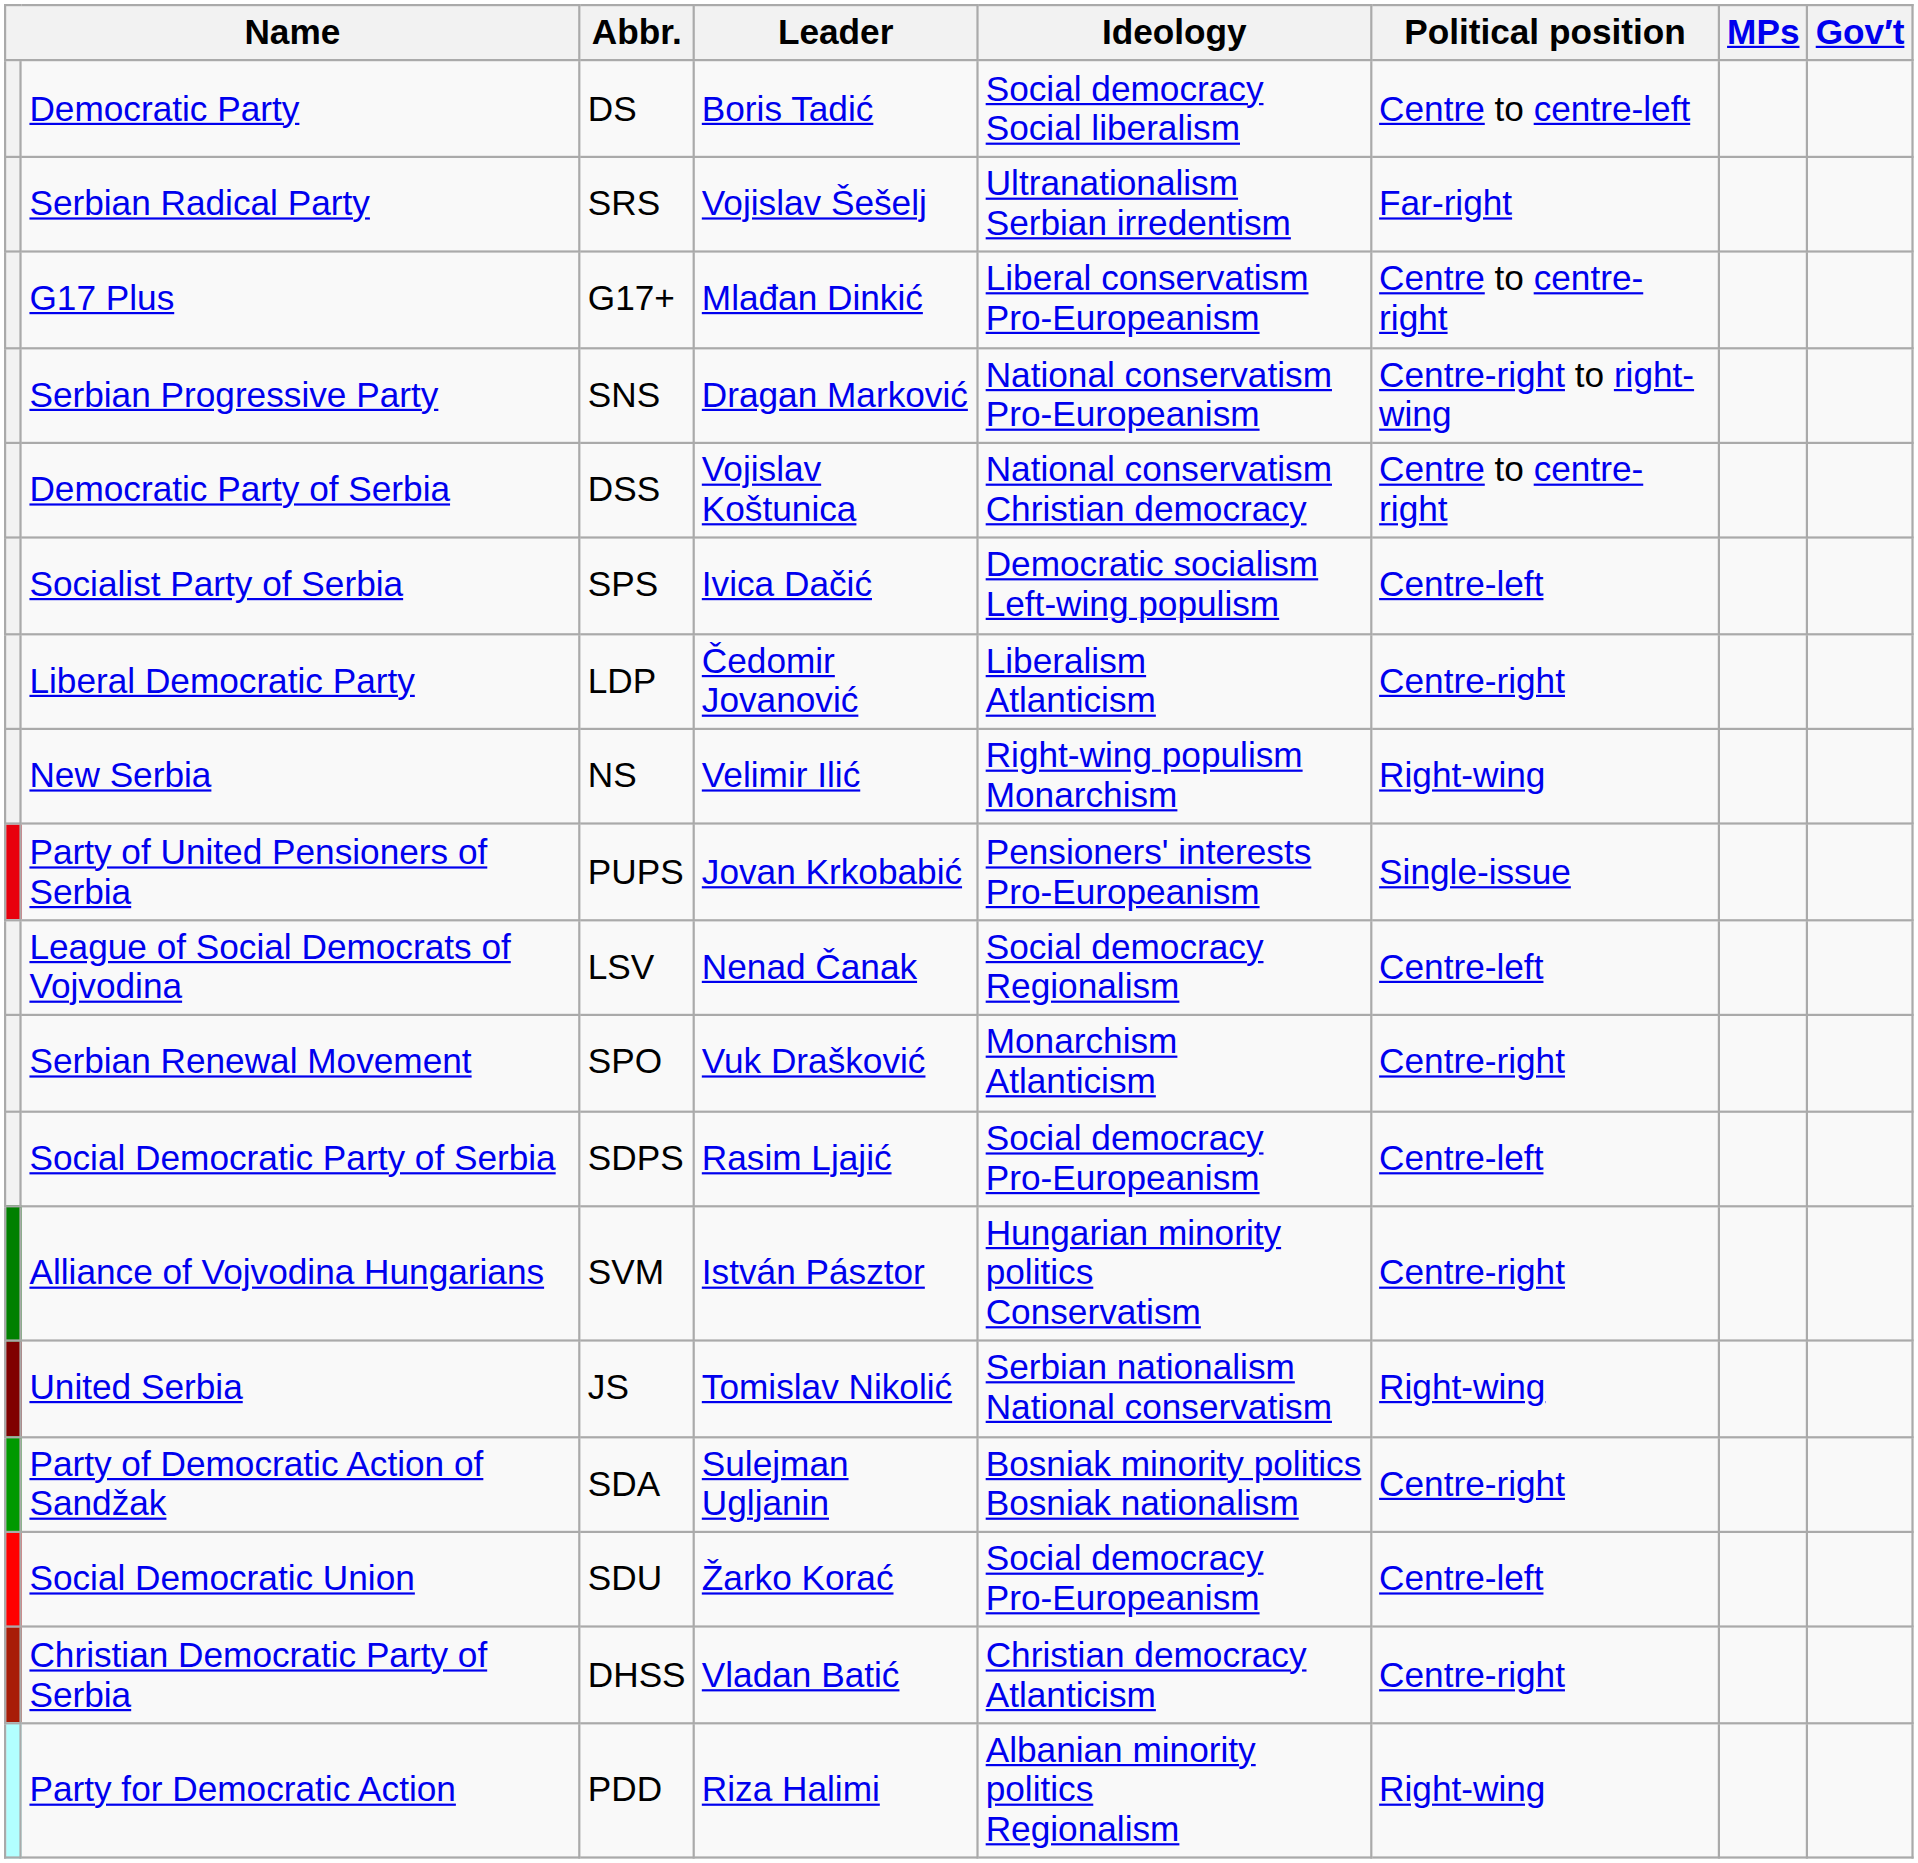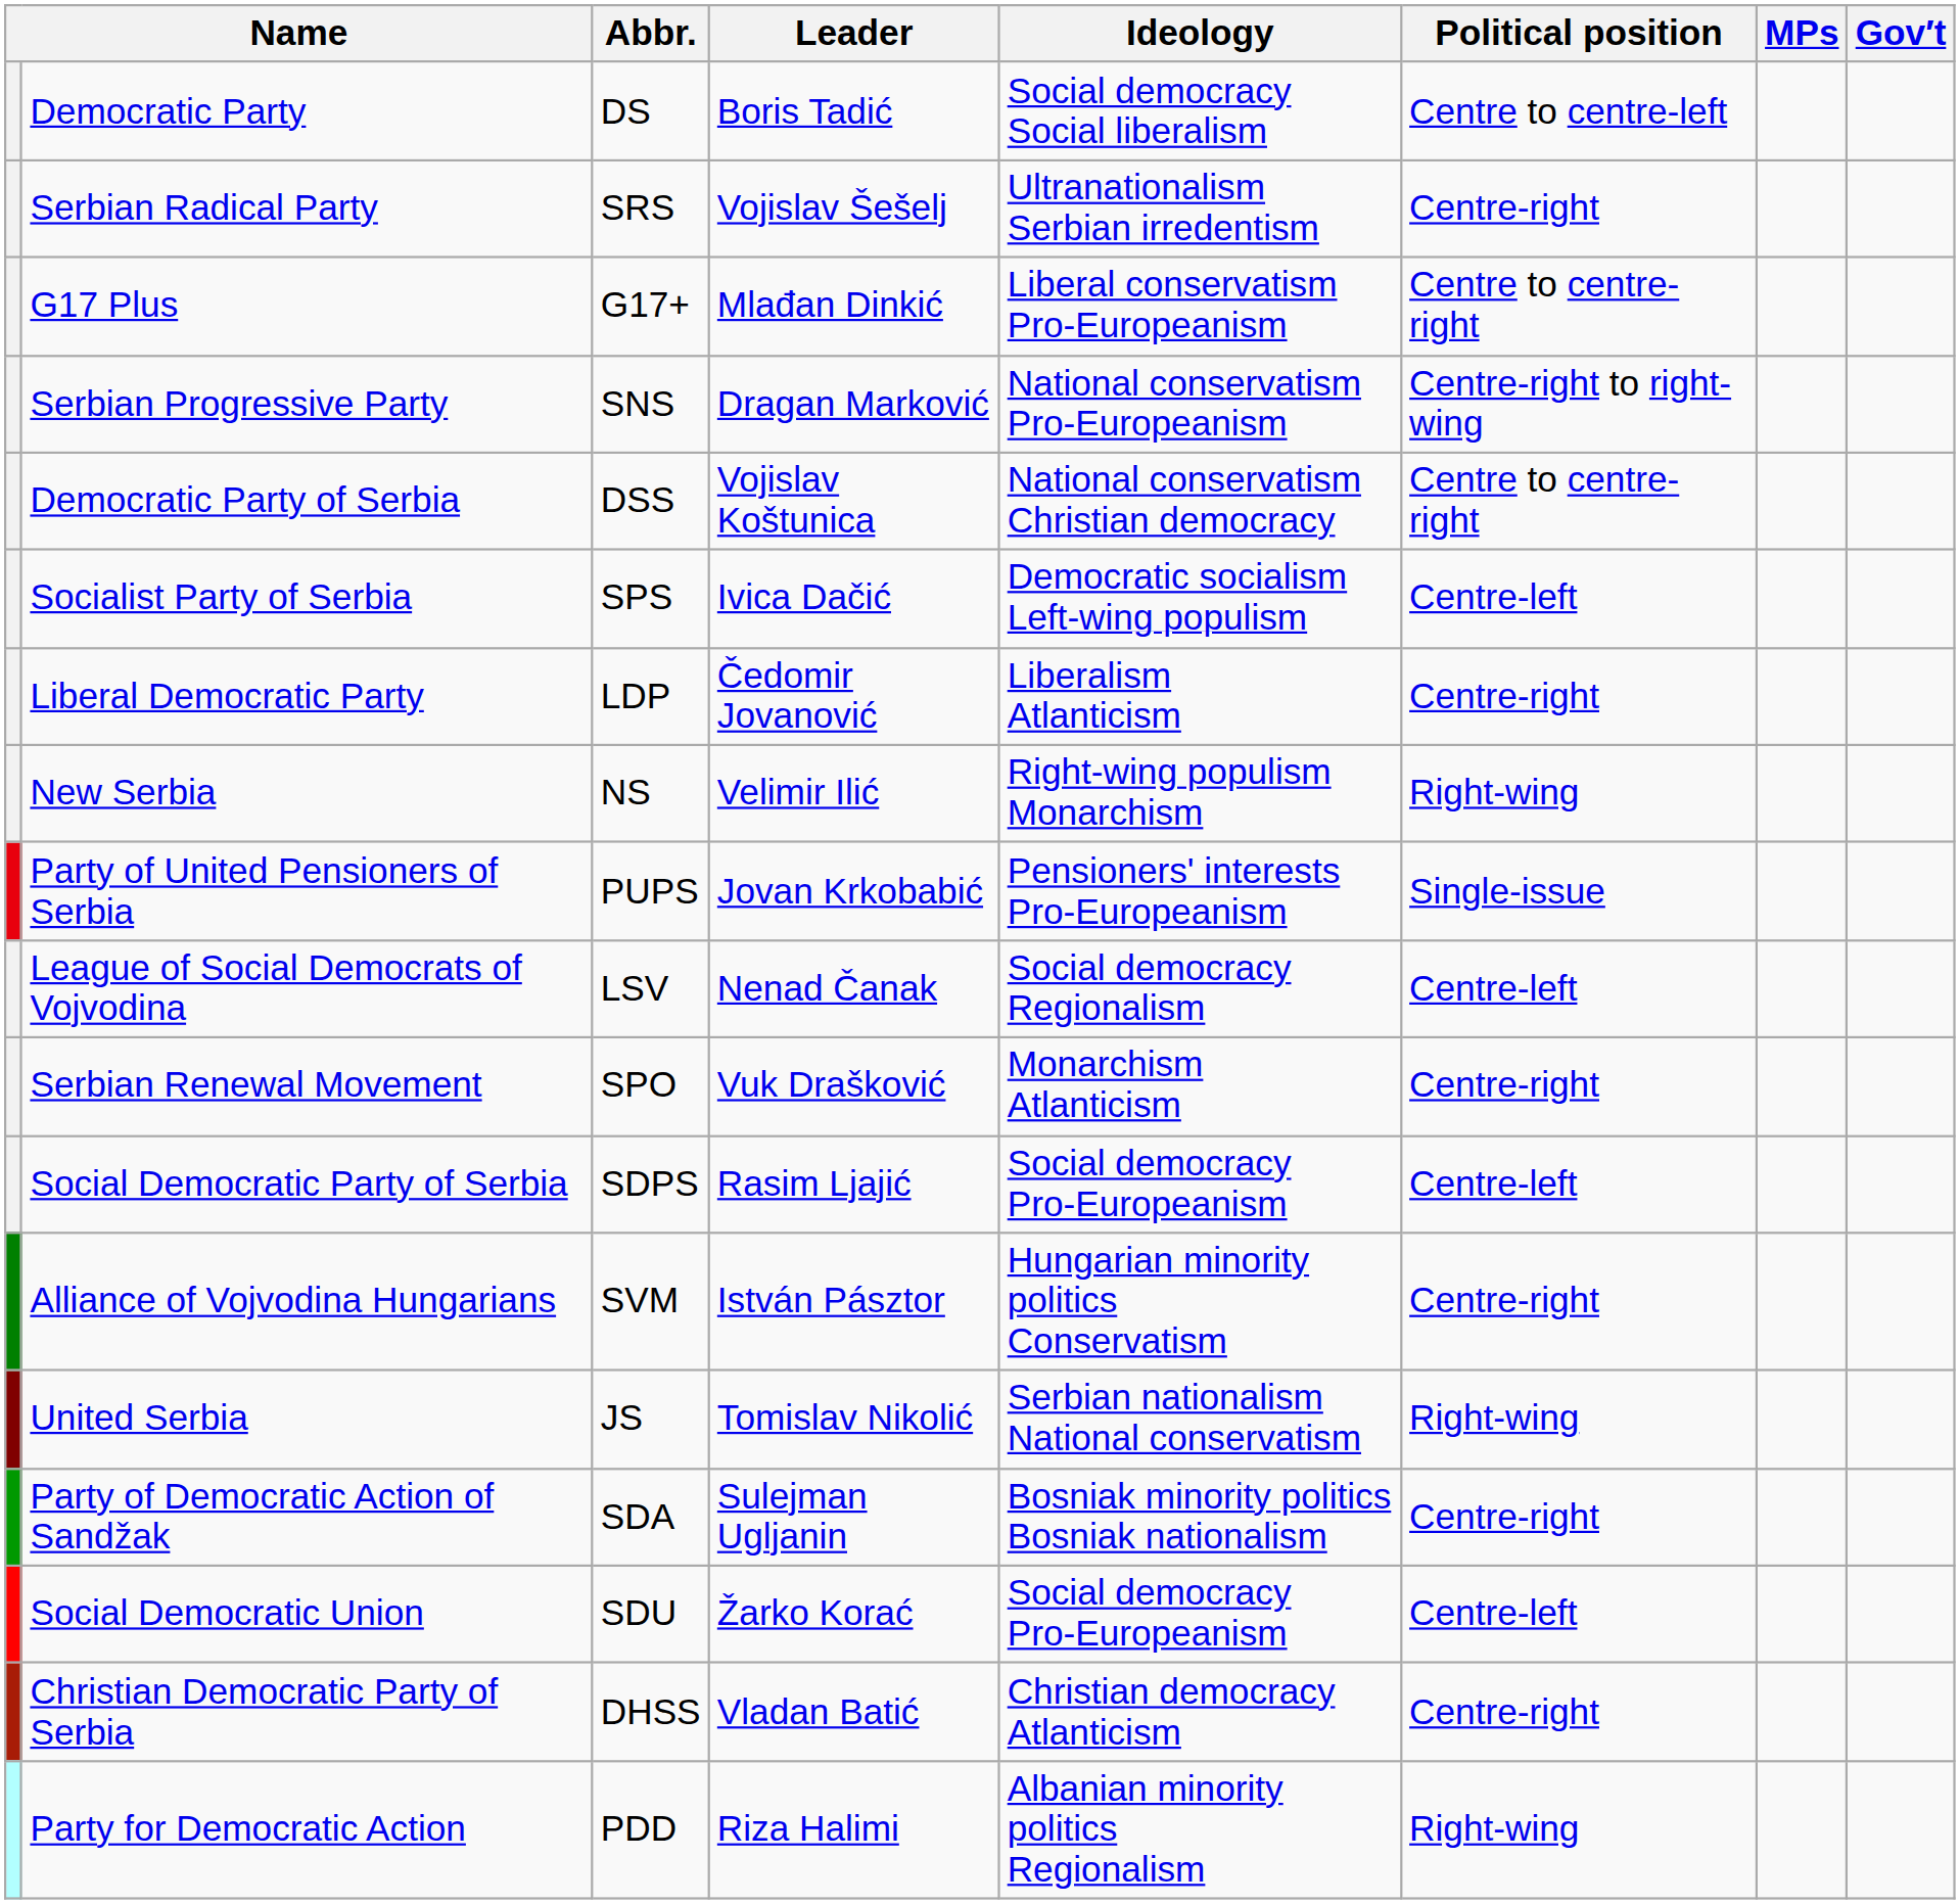 <table class="wikitable">
 <tr>
 <th colspan=2>Name</th>
 <th>Abbr.</th>
 <th>Leader</th>
 <th>Ideology</th>
 <th>Political position</th>
 <th><a href='#'>MPs</a></th>
 <th><a href='#'>Gov′t</a></th>
 </tr>
 <tr>
 <th style="background-color: "></th>
 <td><a href='#'>Democratic Party</a><br><small><em></em></small></td>
 <td>DS</td>
 <td><a href='#'>Boris Tadić</a></td>
 <td><a href='#'>Social democracy</a><br><a href='#'>Social liberalism</a></td>
 <td><a href='#'>Centre</a> to <a href='#'>centre-left</a></td>
 <td></td>
 <td></td>
 </tr>
 <tr>
 <th style="background-color: "></th>
 <td><a href='#'>Serbian Radical Party</a><br><small><em></em></small></td>
 <td>SRS</td>
 <td><a href='#'>Vojislav Šešelj</a></td>
 <td><a href='#'>Ultranationalism</a><br><a href='#'>Serbian irredentism</a></td>
-<td><a href='#'>Far-right</a></td>
+<td><a href='#'>Centre-right</a></td>
 <td></td>
 <td></td>
 </tr>
 <tr>
 <th style="background-color: "></th>
 <td><a href='#'>G17 Plus</a><br><small><em></em></small></td>
 <td>G17+</td>
 <td><a href='#'>Mlađan Dinkić</a></td>
 <td><a href='#'>Liberal conservatism</a><br><a href='#'>Pro-Europeanism</a></td>
 <td><a href='#'>Centre</a> to <a href='#'>centre-right</a></td>
 <td></td>
 <td></td>
 </tr>
 <tr>
 <th style="background-color: "></th>
 <td><a href='#'>Serbian Progressive Party</a><br><small><em></em></small></td>
 <td>SNS</td>
 <td><a href='#'>Dragan Marković</a></td>
 <td><a href='#'>National conservatism</a><br><a href='#'>Pro-Europeanism</a></td>
 <td><a href='#'>Centre-right</a> to <a href='#'>right-wing</a></td>
 <td></td>
 <td></td>
 </tr>
 <tr>
 <th style="background-color: "></th>
 <td><a href='#'>Democratic Party of Serbia</a><br><small><em></em></small></td>
 <td>DSS</td>
 <td><a href='#'>Vojislav Koštunica</a></td>
 <td><a href='#'>National conservatism</a><br><a href='#'>Christian democracy</a></td>
 <td><a href='#'>Centre</a> to <a href='#'>centre-right</a></td>
 <td></td>
 <td></td>
 </tr>
 <tr>
 <th style="background-color: "></th>
 <td><a href='#'>Socialist Party of Serbia</a><br><small><em></em></small></td>
 <td>SPS</td>
 <td><a href='#'>Ivica Dačić</a></td>
 <td><a href='#'>Democratic socialism</a><br><a href='#'>Left-wing populism</a></td>
 <td><a href='#'>Centre-left</a></td>
 <td></td>
 <td></td>
 </tr>
 <tr>
 <th style="background-color: "></th>
 <td><a href='#'>Liberal Democratic Party</a><br><small><em></em></small></td>
 <td>LDP</td>
 <td><a href='#'>Čedomir Jovanović</a></td>
 <td><a href='#'>Liberalism</a><br><a href='#'>Atlanticism</a></td>
 <td><a href='#'>Centre-right</a></td>
 <td></td>
 <td></td>
 </tr>
 <tr>
 <th style="background-color: "></th>
 <td><a href='#'>New Serbia</a><br><small><em></em></small></td>
 <td>NS</td>
 <td><a href='#'>Velimir Ilić</a></td>
 <td><a href='#'>Right-wing populism</a><br><a href='#'>Monarchism</a></td>
 <td><a href='#'>Right-wing</a></td>
 <td></td>
 <td></td>
 </tr>
 <tr>
 <th style="background-color: #E8000D"></th>
 <td><a href='#'>Party of United Pensioners of Serbia</a><br><small><em></em></small></td>
 <td>PUPS</td>
 <td><a href='#'>Jovan Krkobabić</a></td>
 <td><a href='#'>Pensioners' interests</a><br><a href='#'>Pro-Europeanism</a></td>
 <td><a href='#'>Single-issue</a></td>
 <td></td>
 <td></td>
 </tr>
 <tr>
 <th style="background-color: "></th>
 <td><a href='#'>League of Social Democrats of Vojvodina</a><br><small><em></em></small></td>
 <td>LSV</td>
 <td><a href='#'>Nenad Čanak</a></td>
 <td><a href='#'>Social democracy</a><br><a href='#'>Regionalism</a></td>
 <td><a href='#'>Centre-left</a></td>
 <td></td>
 <td></td>
 </tr>
 <tr>
 <th style="background-color: "></th>
 <td><a href='#'>Serbian Renewal Movement</a><br><small><em></em></small></td>
 <td>SPO</td>
 <td><a href='#'>Vuk Drašković</a></td>
 <td><a href='#'>Monarchism</a><br><a href='#'>Atlanticism</a></td>
 <td><a href='#'>Centre-right</a></td>
 <td></td>
 <td></td>
 </tr>
 <tr>
 <th style="background-color: "></th>
 <td><a href='#'>Social Democratic Party of Serbia</a><br><small><em></em></small></td>
 <td>SDPS</td>
 <td><a href='#'>Rasim Ljajić</a></td>
 <td><a href='#'>Social democracy</a><br><a href='#'>Pro-Europeanism</a></td>
 <td><a href='#'>Centre-left</a></td>
 <td></td>
 <td></td>
 </tr>
 <tr>
 <th style="background-color: #008000; color:white;"></th>
 <td><a href='#'>Alliance of Vojvodina Hungarians</a><br><small><em></em></small></td>
 <td>SVM</td>
 <td><a href='#'>István Pásztor</a></td>
 <td><a href='#'>Hungarian minority politics</a><br><a href='#'>Conservatism</a></td>
 <td><a href='#'>Centre-right</a></td>
 <td></td>
 <td></td>
 </tr>
 <tr>
 <th style="background-color: #800000; color:white;"></th>
 <td><a href='#'>United Serbia</a><br><small><em></em></small></td>
 <td>JS</td>
 <td><a href='#'>Tomislav Nikolić</a></td>
 <td><a href='#'>Serbian nationalism</a><br><a href='#'>National conservatism</a></td>
 <td><a href='#'>Right-wing</a></td>
 <td></td>
 <td></td>
 </tr>
 <tr>
 <th style="background-color: #009900; color:white;"></th>
 <td><a href='#'>Party of Democratic Action of Sandžak</a><br><small><em></em></small></td>
 <td>SDA</td>
 <td><a href='#'>Sulejman Ugljanin</a></td>
 <td><a href='#'>Bosniak minority politics</a><br><a href='#'>Bosniak nationalism</a></td>
 <td><a href='#'>Centre-right</a></td>
 <td></td>
 <td></td>
 </tr>
 <tr>
 <th style="background-color: red; color:white;"></th>
 <td><a href='#'>Social Democratic Union</a><br><small><em></em></small></td>
 <td>SDU</td>
 <td><a href='#'>Žarko Korać</a></td>
 <td><a href='#'>Social democracy</a><br><a href='#'>Pro-Europeanism</a></td>
 <td><a href='#'>Centre-left</a></td>
 <td></td>
 <td></td>
 </tr>
 <tr>
 <th style="background-color:  #A81C07"></th>
 <td><a href='#'>Christian Democratic Party of Serbia</a><br><small><em></em></small></td>
 <td>DHSS</td>
 <td><a href='#'>Vladan Batić</a></td>
 <td><a href='#'>Christian democracy</a><br><a href='#'>Atlanticism</a></td>
 <td><a href='#'>Centre-right</a></td>
 <td></td>
 <td></td>
 </tr>
 <tr>
 <th style="background-color: #B2FFFF"></th>
 <td><a href='#'>Party for Democratic Action</a><br><small><em></em></small></td>
 <td>PDD</td>
 <td><a href='#'>Riza Halimi</a></td>
 <td><a href='#'>Albanian minority politics</a><br><a href='#'>Regionalism</a></td>
 <td><a href='#'>Right-wing</a></td>
 <td></td>
 <td></td>
 </tr>
 </table>
